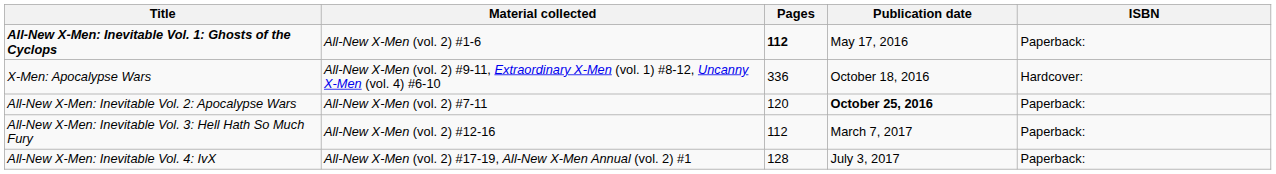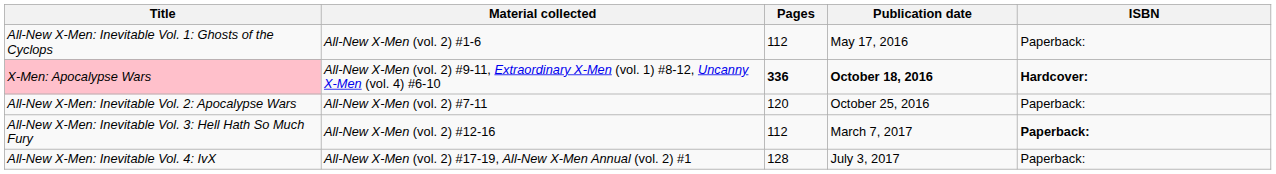 <table class="wikitable" width="100%">
 <tr>
 <th width="25%">Title</th>
 <th width="35%">Material collected</th>
 <th width="5%">Pages</th>
 <th width="15%">Publication date</th>
 <th width="20%">ISBN</th>
 </tr>
 <tr>
-<td><strong><em>All-New X-Men: Inevitable Vol. 1: Ghosts of the Cyclops</em></strong></td>
+<td><em>All-New X-Men: Inevitable Vol. 1: Ghosts of the Cyclops</em></td>
 <td><em>All-New X-Men</em> (vol. 2) #1-6</td>
-<td><strong>112</strong></td>
+<td>112</td>
 <td>May 17, 2016</td>
 <td>Paperback: </td>
 </tr>
 <tr>
-<td><em>X-Men: Apocalypse Wars</em></td>
+<td style="background: pink;"><em>X-Men: Apocalypse Wars</em></td>
 <td><em>All-New X-Men</em> (vol. 2) #9-11, <em><a href='#'>Extraordinary X-Men</a></em> (vol. 1) #8-12, <em><a href='#'>Uncanny X-Men</a></em> (vol. 4) #6-10</td>
-<td>336</td>
-<td>October 18, 2016</td>
-<td>Hardcover: </td>
+<td><strong>336</strong></td>
+<td><strong>October 18, 2016</strong></td>
+<td><strong>Hardcover: </strong></td>
 </tr>
 <tr>
 <td><em>All-New X-Men: Inevitable Vol. 2: Apocalypse Wars</em></td>
 <td><em>All-New X-Men</em> (vol. 2) #7-11</td>
 <td>120</td>
-<td><strong>October 25, 2016</strong></td>
+<td>October 25, 2016</td>
 <td>Paperback: </td>
 </tr>
 <tr>
 <td><em>All-New X-Men: Inevitable Vol. 3: Hell Hath So Much Fury</em></td>
 <td><em>All-New X-Men</em> (vol. 2) #12-16</td>
 <td>112</td>
 <td>March 7, 2017</td>
-<td>Paperback: </td>
+<td><strong>Paperback: </strong></td>
 </tr>
 <tr>
 <td><em>All-New X-Men: Inevitable Vol. 4: IvX</em></td>
 <td><em>All-New X-Men</em> (vol. 2) #17-19, <em>All-New X-Men Annual</em> (vol. 2) #1</td>
 <td>128</td>
 <td>July 3, 2017</td>
 <td>Paperback: </td>
 </tr>
 </table>
